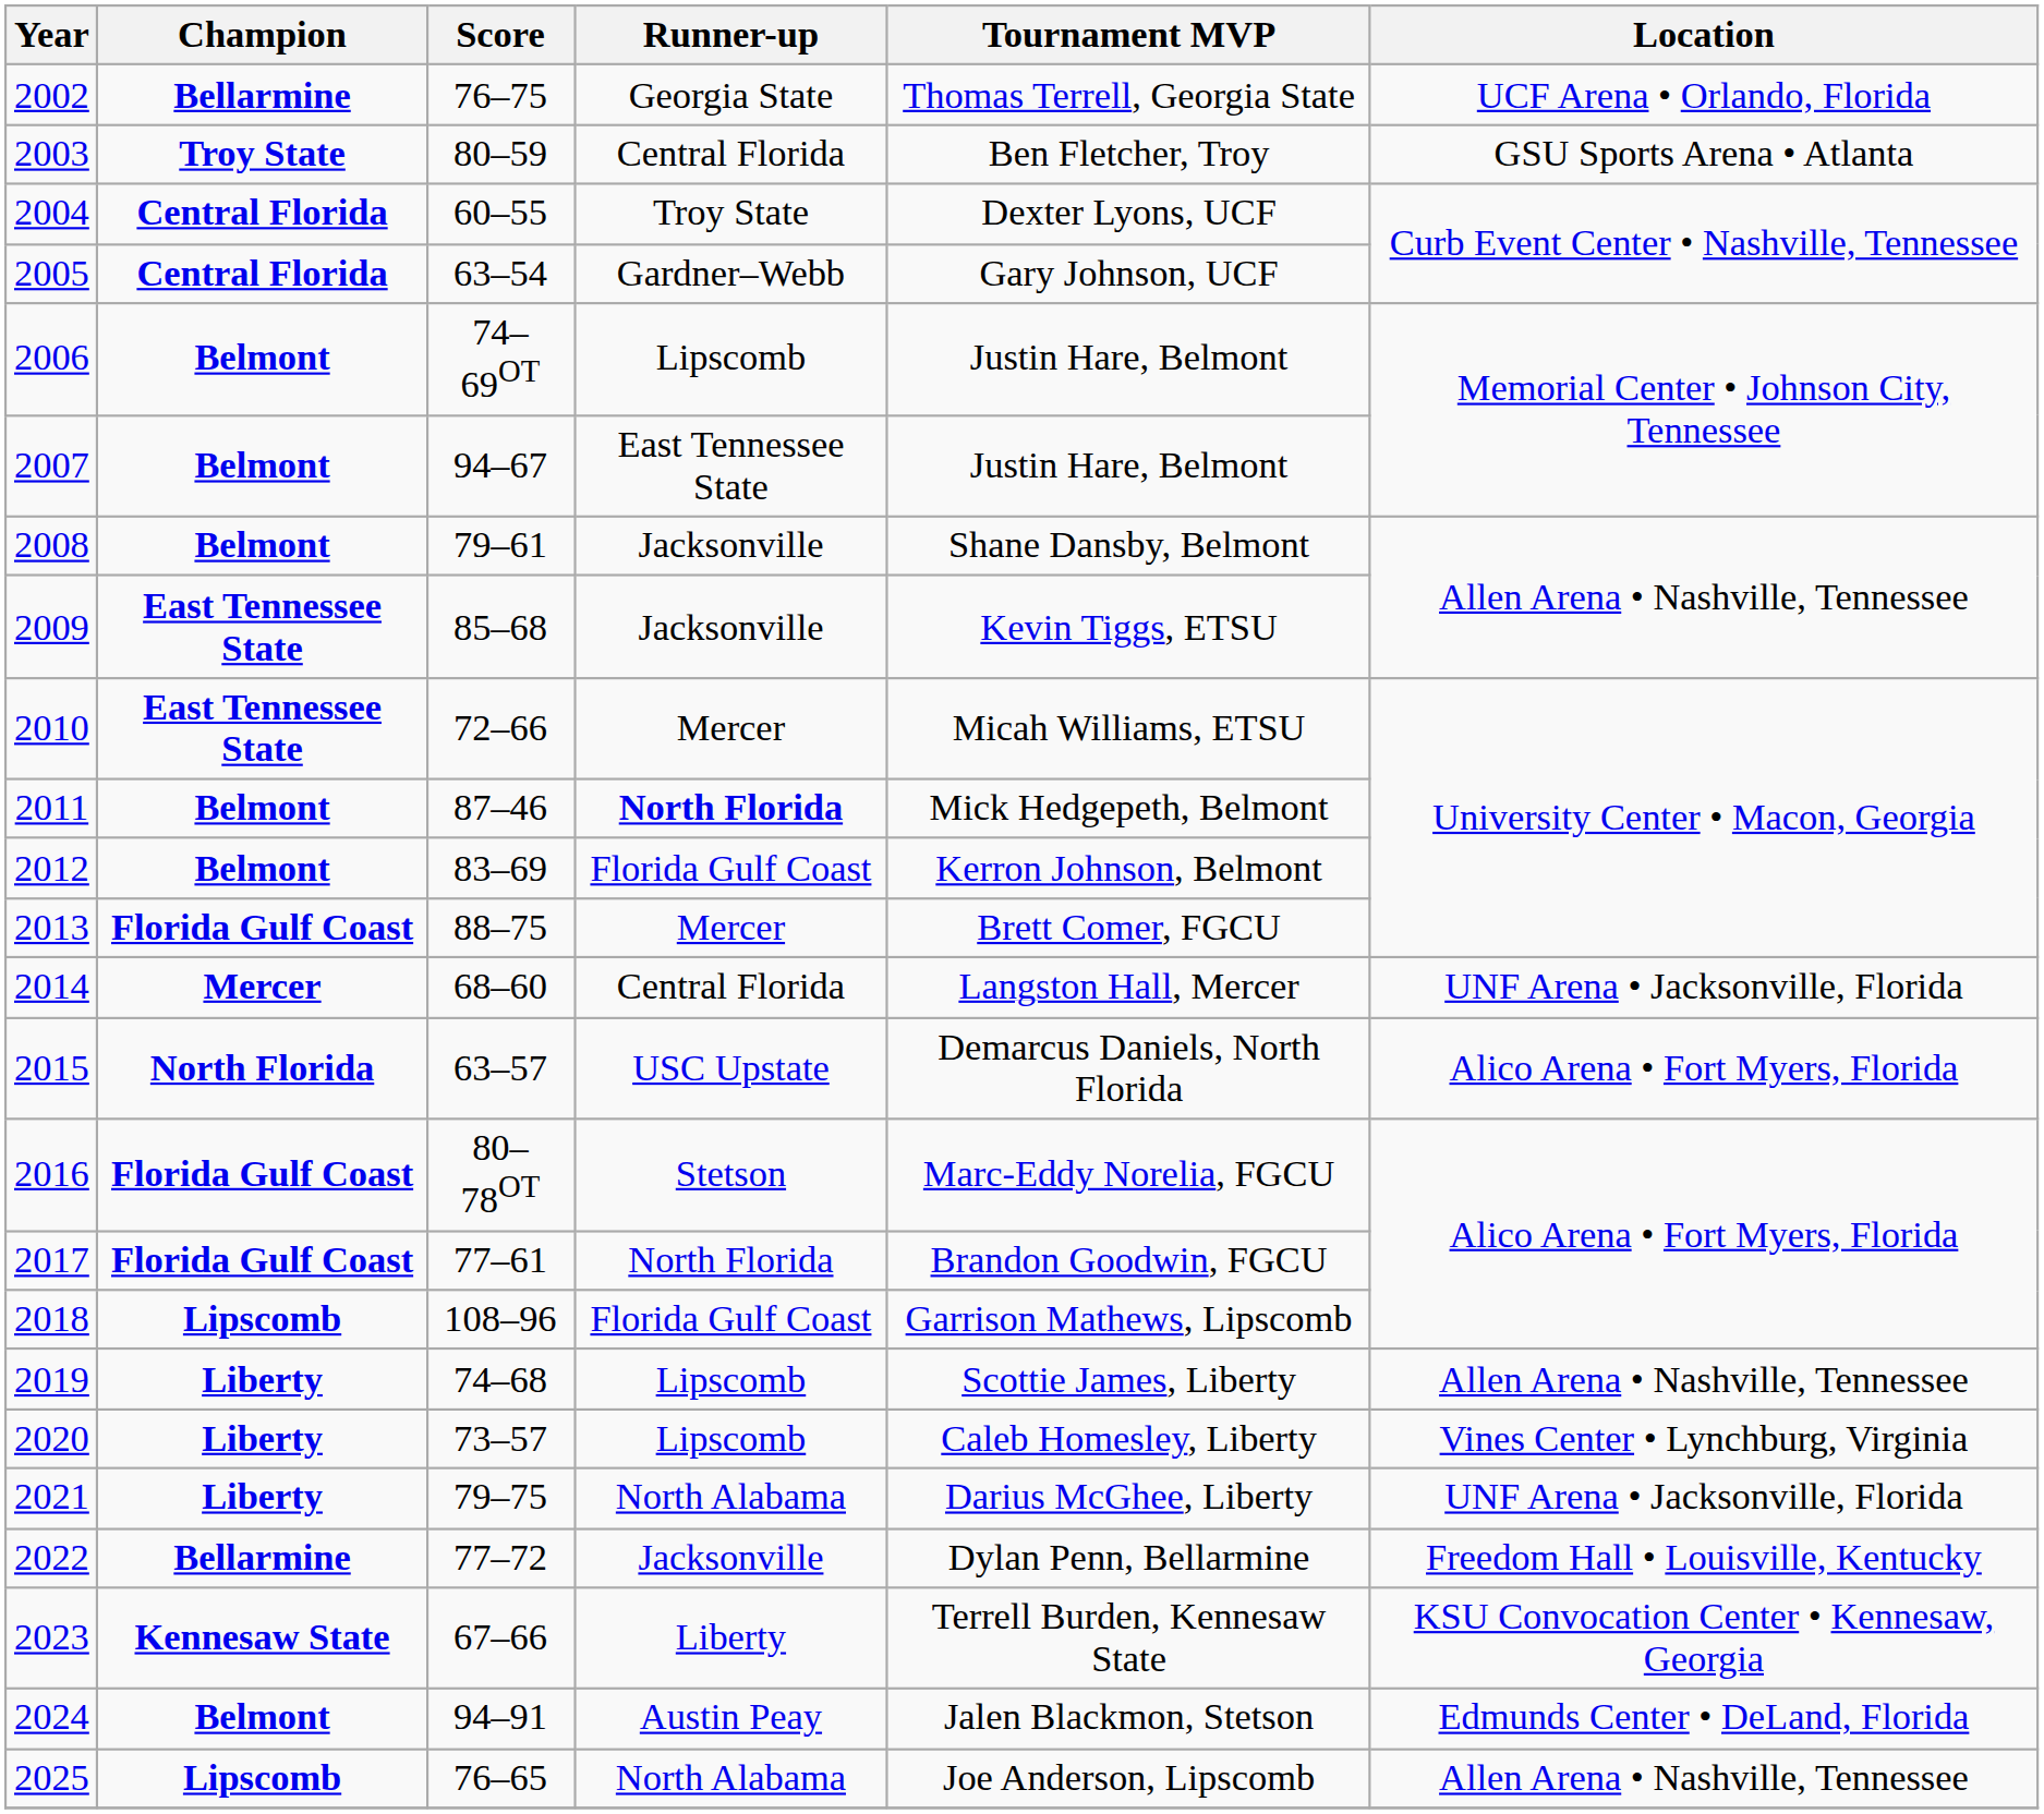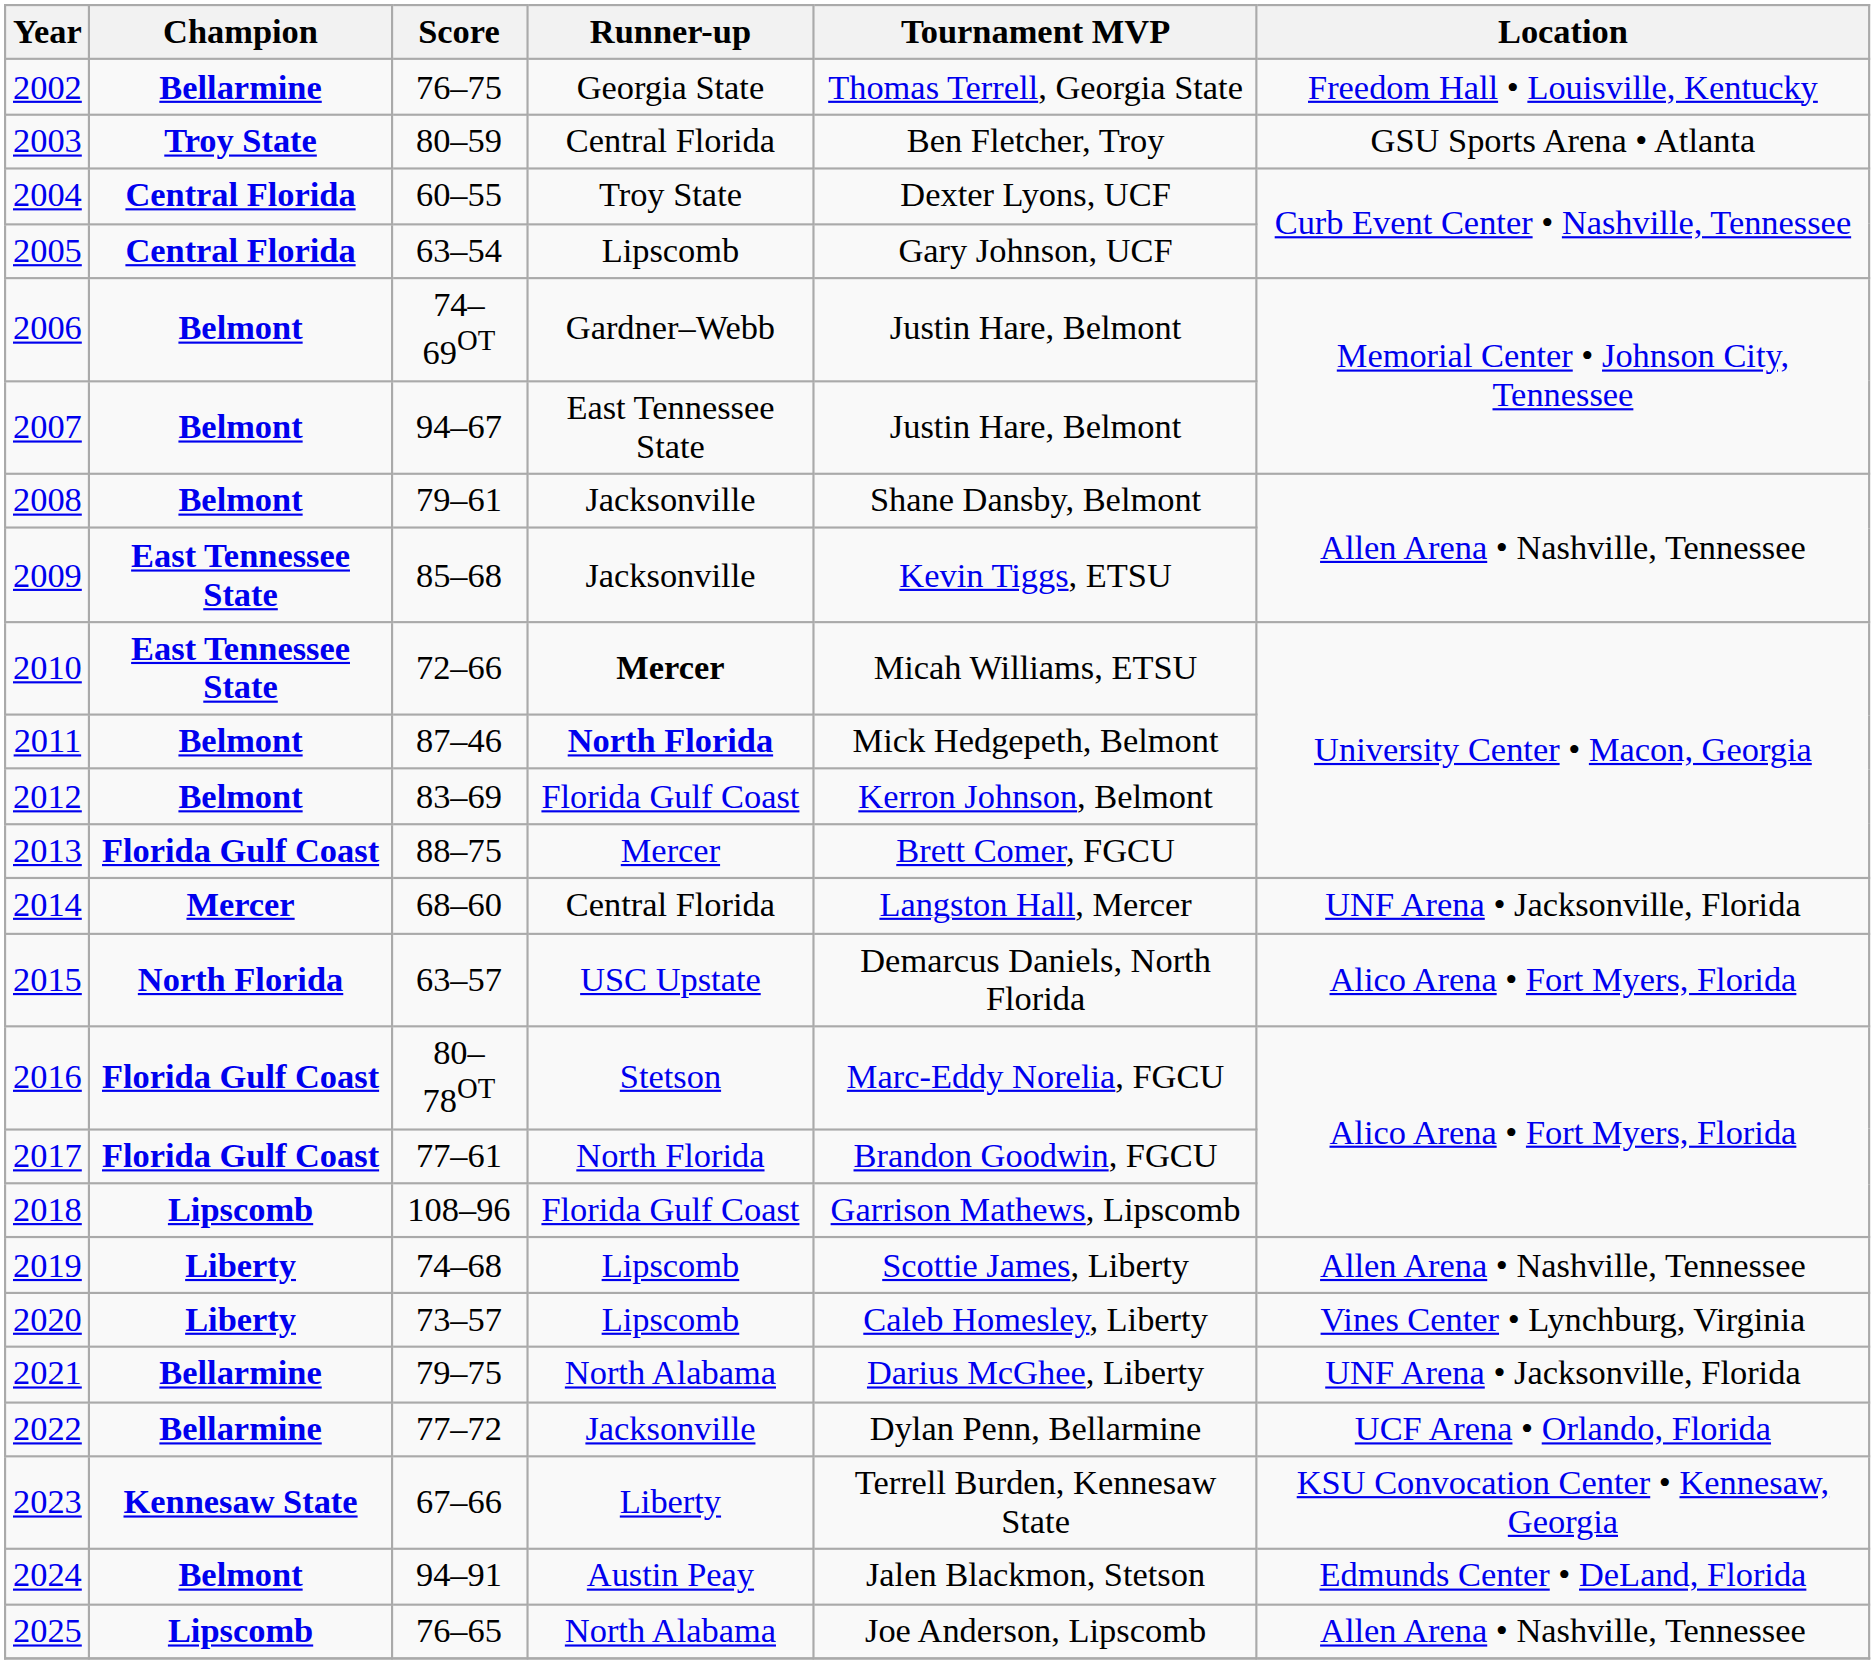 <table class="wikitable sortable" style="text-align:center">
 <tr>
 <th width=px>Year</th>
 <th width=px>Champion</th>
 <th width=px>Score</th>
 <th width=px>Runner-up</th>
 <th width=px>Tournament MVP</th>
 <th width=px>Location</th>
 </tr>
 <tr>
 <td><a href='#'>2002</a></td>
 <td><strong><a href='#'>Bellarmine</a></strong></td>
 <td>76–75</td>
 <td>Georgia State</td>
 <td><a href='#'>Thomas Terrell</a>, Georgia State</td>
-<td><a href='#'>UCF Arena</a> • <a href='#'>Orlando, Florida</a></td>
+<td><a href='#'>Freedom Hall</a> • <a href='#'>Louisville, Kentucky</a></td>
 </tr>
 <tr>
 <td><a href='#'>2003</a></td>
 <td><strong><a href='#'>Troy State</a></strong></td>
 <td>80–59</td>
 <td>Central Florida</td>
 <td>Ben Fletcher, Troy</td>
 <td>GSU Sports Arena • Atlanta</td>
 </tr>
 <tr>
 <td><a href='#'>2004</a></td>
 <td><strong><a href='#'>Central Florida</a></strong></td>
 <td>60–55</td>
 <td>Troy State</td>
 <td>Dexter Lyons, UCF</td>
 <td rowspan=2><a href='#'>Curb Event Center</a> • <a href='#'>Nashville, Tennessee</a></td>
 </tr>
 <tr>
 <td><a href='#'>2005</a></td>
 <td><strong><a href='#'>Central Florida</a></strong></td>
 <td>63–54</td>
-<td>Gardner–Webb</td>
+<td>Lipscomb</td>
 <td>Gary Johnson, UCF</td>
 </tr>
 <tr>
 <td><a href='#'>2006</a></td>
 <td><strong><a href='#'>Belmont</a></strong></td>
 <td>74–69<sup>OT</sup></td>
-<td>Lipscomb</td>
+<td>Gardner–Webb</td>
 <td>Justin Hare, Belmont</td>
 <td rowspan=2><a href='#'>Memorial Center</a> • <a href='#'>Johnson City, Tennessee</a></td>
 </tr>
 <tr>
 <td><a href='#'>2007</a></td>
 <td><strong><a href='#'>Belmont</a></strong></td>
 <td>94–67</td>
 <td>East Tennessee State</td>
 <td>Justin Hare, Belmont</td>
 </tr>
 <tr>
 <td><a href='#'>2008</a></td>
 <td><strong><a href='#'>Belmont</a></strong></td>
 <td>79–61</td>
 <td>Jacksonville</td>
 <td>Shane Dansby, Belmont</td>
 <td rowspan=2><a href='#'>Allen Arena</a> • Nashville, Tennessee</td>
 </tr>
 <tr>
 <td><a href='#'>2009</a></td>
 <td><strong><a href='#'>East Tennessee State</a></strong></td>
 <td>85–68</td>
 <td>Jacksonville</td>
 <td><a href='#'>Kevin Tiggs</a>, ETSU</td>
 </tr>
 <tr>
 <td><a href='#'>2010</a></td>
 <td><strong><a href='#'>East Tennessee State</a></strong></td>
 <td>72–66</td>
-<td>Mercer</td>
+<td><strong>Mercer</strong></td>
 <td>Micah Williams, ETSU</td>
 <td rowspan=4><a href='#'>University Center</a> • <a href='#'>Macon, Georgia</a></td>
 </tr>
 <tr>
 <td><a href='#'>2011</a></td>
 <td><strong><a href='#'>Belmont</a></strong></td>
 <td>87–46</td>
 <td><strong><a href='#'>North Florida</a></strong></td>
 <td>Mick Hedgepeth, Belmont</td>
 </tr>
 <tr>
 <td><a href='#'>2012</a></td>
 <td><strong><a href='#'>Belmont</a></strong></td>
 <td>83–69</td>
 <td><a href='#'>Florida Gulf Coast</a></td>
 <td><a href='#'>Kerron Johnson</a>, Belmont</td>
 </tr>
 <tr>
 <td><a href='#'>2013</a></td>
 <td><strong><a href='#'>Florida Gulf Coast</a></strong></td>
 <td>88–75</td>
 <td><a href='#'>Mercer</a></td>
 <td><a href='#'>Brett Comer</a>, FGCU</td>
 </tr>
 <tr>
 <td><a href='#'>2014</a></td>
 <td><strong><a href='#'>Mercer</a></strong></td>
 <td>68–60</td>
 <td>Central Florida</td>
 <td><a href='#'>Langston Hall</a>, Mercer</td>
 <td><a href='#'>UNF Arena</a> • Jacksonville, Florida</td>
 </tr>
 <tr>
 <td><a href='#'>2015</a></td>
 <td><strong><a href='#'>North Florida</a></strong></td>
 <td>63–57</td>
 <td><a href='#'>USC Upstate</a></td>
 <td>Demarcus Daniels, North Florida</td>
 <td><a href='#'>Alico Arena</a> • <a href='#'>Fort Myers, Florida</a></td>
 </tr>
 <tr>
 <td><a href='#'>2016</a></td>
 <td><strong><a href='#'>Florida Gulf Coast</a></strong></td>
 <td>80–78<sup>OT</sup></td>
 <td><a href='#'>Stetson</a></td>
 <td><a href='#'>Marc-Eddy Norelia</a>, FGCU</td>
 <td rowspan=3><a href='#'>Alico Arena</a> • <a href='#'>Fort Myers, Florida</a></td>
 </tr>
 <tr>
 <td><a href='#'>2017</a></td>
 <td><strong><a href='#'>Florida Gulf Coast</a></strong></td>
 <td>77–61</td>
 <td><a href='#'>North Florida</a></td>
 <td><a href='#'>Brandon Goodwin</a>, FGCU</td>
 </tr>
 <tr>
 <td><a href='#'>2018</a></td>
 <td><strong><a href='#'>Lipscomb</a></strong></td>
 <td>108–96</td>
 <td><a href='#'>Florida Gulf Coast</a></td>
 <td><a href='#'>Garrison Mathews</a>, Lipscomb</td>
 </tr>
 <tr>
 <td><a href='#'>2019</a></td>
 <td><strong><a href='#'>Liberty</a></strong></td>
 <td>74–68</td>
 <td><a href='#'>Lipscomb</a></td>
 <td><a href='#'>Scottie James</a>, Liberty</td>
 <td><a href='#'>Allen Arena</a> • Nashville, Tennessee</td>
 </tr>
 <tr>
 <td><a href='#'>2020</a></td>
 <td><strong><a href='#'>Liberty</a></strong></td>
 <td>73–57</td>
 <td><a href='#'>Lipscomb</a></td>
 <td><a href='#'>Caleb Homesley</a>, Liberty</td>
 <td><a href='#'>Vines Center</a> • Lynchburg, Virginia</td>
 </tr>
 <tr>
 <td><a href='#'>2021</a></td>
-<td><strong><a href='#'>Liberty</a></strong></td>
+<td><strong><a href='#'>Bellarmine</a></strong></td>
 <td>79–75</td>
 <td><a href='#'>North Alabama</a></td>
 <td><a href='#'>Darius McGhee</a>, Liberty</td>
 <td><a href='#'>UNF Arena</a> • Jacksonville, Florida</td>
 </tr>
 <tr>
 <td><a href='#'>2022</a></td>
 <td><strong><a href='#'>Bellarmine</a></strong></td>
 <td>77–72</td>
 <td><a href='#'>Jacksonville</a></td>
 <td>Dylan Penn, Bellarmine</td>
-<td><a href='#'>Freedom Hall</a> • <a href='#'>Louisville, Kentucky</a></td>
+<td><a href='#'>UCF Arena</a> • <a href='#'>Orlando, Florida</a></td>
 </tr>
 <tr>
 <td><a href='#'>2023</a></td>
 <td><strong><a href='#'>Kennesaw State</a></strong></td>
 <td>67–66</td>
 <td><a href='#'>Liberty</a></td>
 <td>Terrell Burden, Kennesaw State</td>
 <td><a href='#'>KSU Convocation Center</a> • <a href='#'>Kennesaw, Georgia</a></td>
 </tr>
 <tr>
 <td><a href='#'>2024</a></td>
 <td><strong><a href='#'>Belmont</a></strong></td>
 <td>94–91</td>
 <td><a href='#'>Austin Peay</a></td>
 <td>Jalen Blackmon, Stetson</td>
 <td><a href='#'>Edmunds Center</a> • <a href='#'>DeLand, Florida</a></td>
 </tr>
 <tr>
 <td><a href='#'>2025</a></td>
 <td><strong><a href='#'>Lipscomb</a></strong></td>
 <td>76–65</td>
 <td><a href='#'>North Alabama</a></td>
 <td>Joe Anderson, Lipscomb</td>
 <td><a href='#'>Allen Arena</a> • Nashville, Tennessee</td>
 </tr>
 <tr>
 </tr>
 </table>
